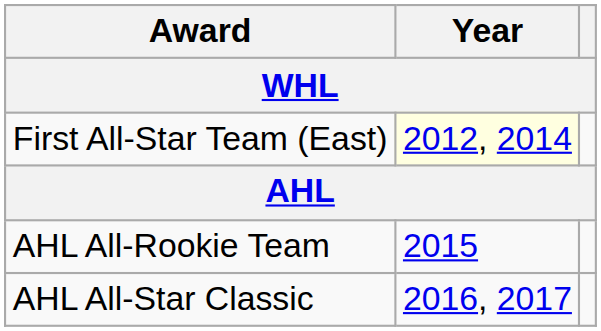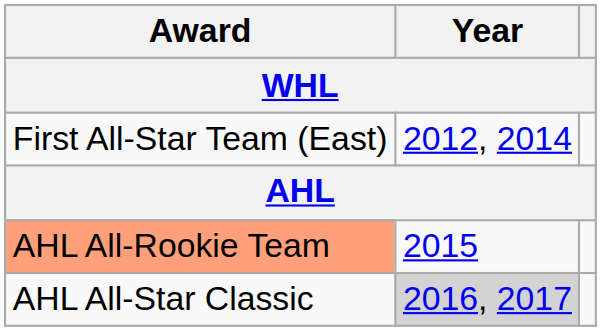 <table class="wikitable">
 <tr>
 <th>Award</th>
 <th>Year</th>
 <th></th>
 </tr>
 <tr ALIGN="center" bgcolor="#e0e0e0">
 <th colspan="3"><a href='#'>WHL</a></th>
 </tr>
 <tr>
 <td>First All-Star Team (East)</td>
-<td style="background: lightyellow;"><a href='#'>2012</a>, <a href='#'>2014</a></td>
+<td><a href='#'>2012</a>, <a href='#'>2014</a></td>
 <td></td>
 </tr>
 <tr ALIGN="center" bgcolor="#e0e0e0">
 <th colspan="3"><a href='#'>AHL</a></th>
 </tr>
 <tr>
-<td>AHL All-Rookie Team</td>
+<td style="background: lightsalmon;">AHL All-Rookie Team</td>
 <td><a href='#'>2015</a></td>
 <td></td>
 </tr>
 <tr>
 <td>AHL All-Star Classic</td>
-<td><a href='#'>2016</a>, <a href='#'>2017</a></td>
+<td style="background: lightgrey;"><a href='#'>2016</a>, <a href='#'>2017</a></td>
 <td></td>
 </tr>
 </table>
